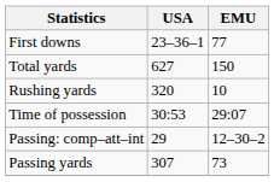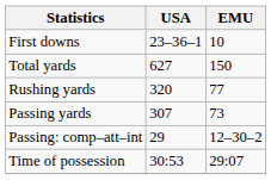 <table class="wikitable" style="float: left;">
 <tr>
 <th>Statistics</th>
 <th>USA</th>
 <th>EMU</th>
 </tr>
 <tr>
 <td>First downs</td>
 <td>23–36–1</td>
-<td>77</td>
+<td>10</td>
 </tr>
 <tr>
 <td>Total yards</td>
 <td>627</td>
 <td>150</td>
 </tr>
 <tr>
 <td>Rushing yards</td>
 <td>320</td>
-<td>10</td>
+<td>77</td>
+</tr>
+<tr>
+<td>Passing yards</td>
+<td>307</td>
+<td>73</td>
+</tr>
+<tr>
+<td>Passing: comp–att–int</td>
+<td>29</td>
+<td>12–30–2</td>
 </tr>
 <tr>
 <td>Time of possession</td>
 <td>30:53</td>
 <td>29:07</td>
 </tr>
 <tr>
-<td>Passing: comp–att–int</td>
-<td>29</td>
-<td>12–30–2</td>
-</tr>
-<tr>
-<td>Passing yards</td>
-<td>307</td>
-<td>73</td>
-</tr>
-<tr>
 </tr>
 </table>
